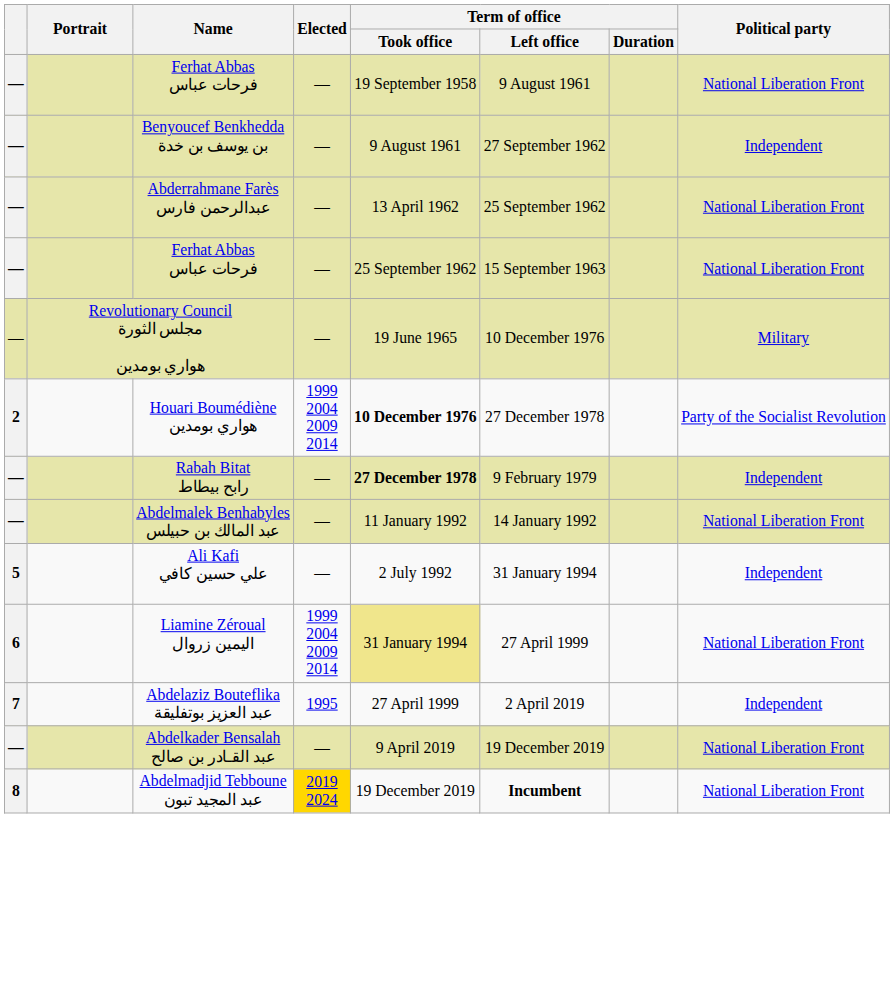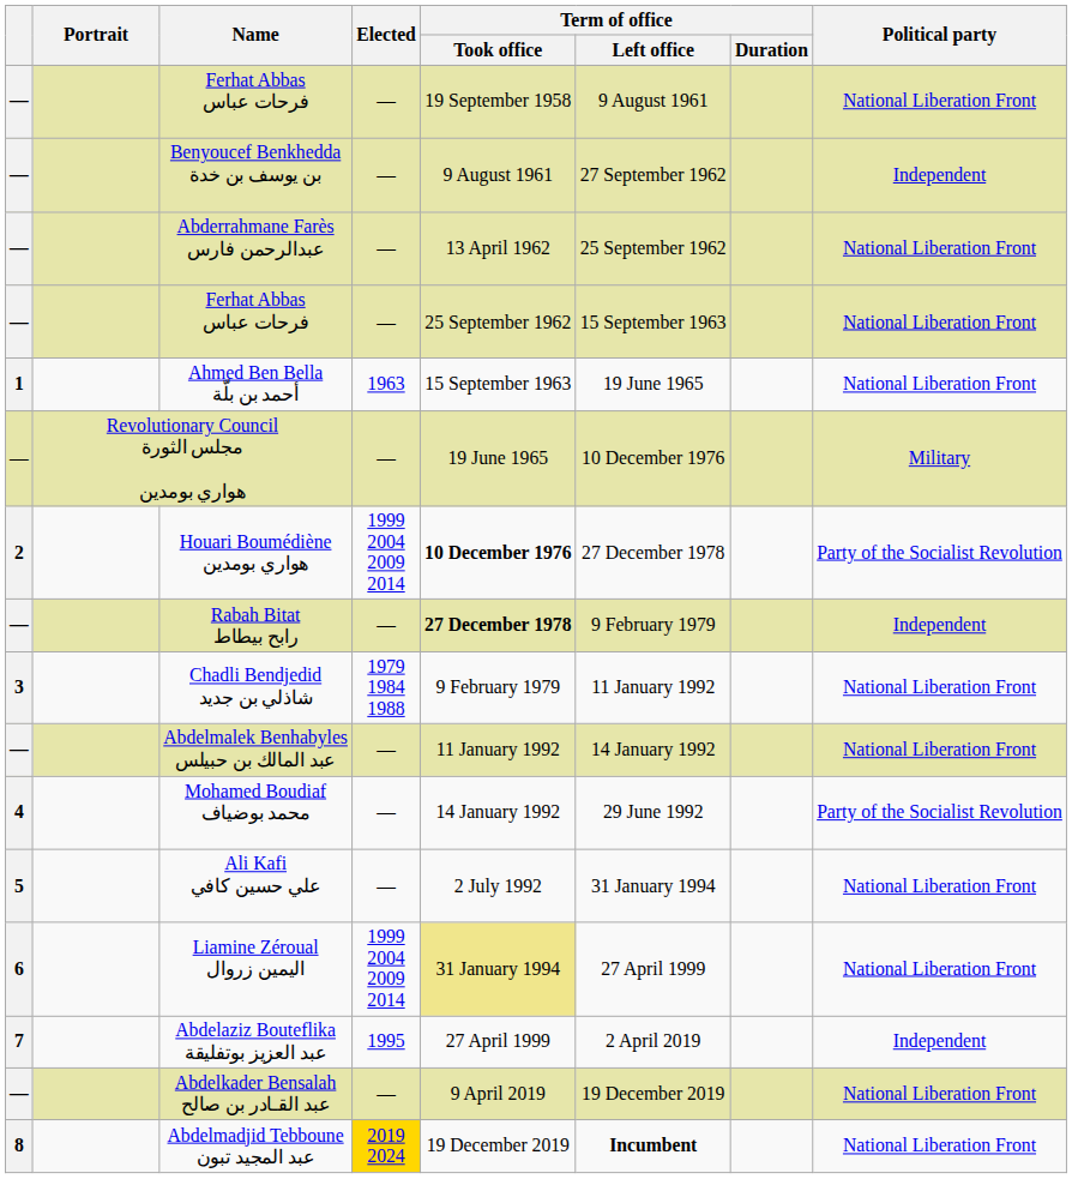 <table class="wikitable" style="text-align:center;">
 <tr>
 <th rowspan="2"></th>
 <th rowspan="2" style="width:100px;">Portrait</th>
 <th rowspan="2">Name<br></th>
 <th rowspan="2">Elected</th>
 <th colspan="3">Term of office</th>
 <th rowspan="2">Political party</th>
 </tr>
 <tr>
 <th>Took office</th>
 <th>Left office</th>
 <th>Duration</th>
 </tr>
 <tr style="background:#e6e6aa;">
 <th style="background:">—</th>
 <td></td>
 <td><a href='#'>Ferhat Abbas</a><br>فرحات عباس<br><br></td>
 <td>—</td>
 <td>19 September 1958</td>
 <td>9 August 1961</td>
 <td></td>
 <td><a href='#'>National Liberation Front</a></td>
 </tr>
 <tr style="background:#e6e6aa;">
 <th style="background:">—</th>
 <td></td>
 <td><a href='#'>Benyoucef Benkhedda</a><br>بن يوسف بن خدة<br><br></td>
 <td>—</td>
 <td>9 August 1961</td>
 <td>27 September 1962</td>
 <td></td>
 <td><a href='#'>Independent</a></td>
 </tr>
 <tr style="background:#e6e6aa;">
 <th style="background:">—</th>
 <td></td>
 <td><a href='#'>Abderrahmane Farès</a><br>عبدالرحمن فارس<br><br></td>
 <td>—</td>
 <td>13 April 1962</td>
 <td>25 September 1962</td>
 <td></td>
 <td><a href='#'>National Liberation Front</a></td>
 </tr>
 <tr style="background:#e6e6aa;">
 <th style="background:">—</th>
 <td></td>
 <td><a href='#'>Ferhat Abbas</a><br>فرحات عباس<br><br></td>
 <td>—</td>
 <td>25 September 1962</td>
 <td>15 September 1963</td>
 <td></td>
 <td><a href='#'>National Liberation Front</a></td>
 </tr>
+<tr>
+<th style="background:">1</th>
+<td></td>
+<td><a href='#'>Ahmed Ben Bella</a><br>أحمد بن بلّة<br></td>
+<td><a href='#'>1963</a></td>
+<td>15 September 1963</td>
+<td>19 June 1965<br></td>
+<td></td>
+<td><a href='#'>National Liberation Front</a></td>
+</tr>
 <tr style="background:#e6e6aa;">
 <td style="background:">—</td>
 <td colspan=2><a href='#'>Revolutionary Council</a><br>مجلس الثورة<br><br>هواري بومدين<br></td>
 <td>—</td>
 <td>19 June 1965</td>
 <td>10 December 1976</td>
 <td></td>
 <td><a href='#'>Military</a></td>
 </tr>
 <tr>
 <th style="background:">2</th>
 <td></td>
 <td><a href='#'>Houari Boumédiène</a><br>هواري بومدين<br></td>
 <td><a href='#'>1999</a><br><a href='#'>2004</a><br><a href='#'>2009</a><br><a href='#'>2014</a></td>
 <td><strong>10 December 1976</strong></td>
 <td>27 December 1978<br></td>
 <td></td>
 <td><a href='#'>Party of the Socialist Revolution</a></td>
 </tr>
 <tr style="background:#e6e6aa;">
 <th style="background:">—</th>
 <td></td>
 <td><a href='#'>Rabah Bitat</a><br>رابح بيطاط<br></td>
 <td>—</td>
 <td><strong>27 December 1978</strong></td>
 <td>9 February 1979</td>
 <td></td>
 <td><a href='#'>Independent</a></td>
 </tr>
+<tr>
+<th style="background:">3</th>
+<td></td>
+<td><a href='#'>Chadli Bendjedid</a><br>شاذلي بن جديد<br></td>
+<td><a href='#'>1979</a><br><a href='#'>1984</a><br><a href='#'>1988</a></td>
+<td>9 February 1979</td>
+<td>11 January 1992<br></td>
+<td></td>
+<td><a href='#'>National Liberation Front</a></td>
+</tr>
 <tr style="background:#e6e6aa;">
 <th style="background:">—</th>
 <td></td>
 <td><a href='#'>Abdelmalek Benhabyles</a><br>عبد المالك بن حبيلس<br></td>
 <td>—</td>
 <td>11 January 1992</td>
 <td>14 January 1992</td>
 <td></td>
 <td><a href='#'>National Liberation Front</a></td>
 </tr>
 <tr>
+<th style="background:">4</th>
+<td></td>
+<td><a href='#'>Mohamed Boudiaf</a><br>محمد بوضياف<br><br></td>
+<td>—</td>
+<td>14 January 1992</td>
+<td>29 June 1992<br></td>
+<td></td>
+<td><a href='#'>Party of the Socialist Revolution</a></td>
+</tr>
+<tr>
 <th style="background:">5</th>
 <td></td>
 <td><a href='#'>Ali Kafi</a><br>علي حسين كافي<br><br></td>
 <td>—</td>
 <td>2 July 1992</td>
 <td>31 January 1994</td>
 <td></td>
-<td><a href='#'>Independent</a></td>
+<td><a href='#'>National Liberation Front</a></td>
 </tr>
 <tr>
 <th style="background:">6</th>
 <td></td>
 <td><a href='#'>Liamine Zéroual</a><br>اليمين زروال<br><br></td>
 <td><a href='#'>1999</a><br><a href='#'>2004</a><br><a href='#'>2009</a><br><a href='#'>2014</a></td>
 <td style="background: khaki;">31 January 1994</td>
 <td>27 April 1999</td>
 <td></td>
 <td><a href='#'>National Liberation Front</a></td>
 </tr>
 <tr>
 <th style="background:">7</th>
 <td></td>
 <td><a href='#'>Abdelaziz Bouteflika</a><br>عبد العزيز بوتفليقة<br></td>
 <td><a href='#'>1995</a></td>
 <td>27 April 1999</td>
 <td>2 April 2019<br></td>
 <td></td>
 <td><a href='#'>Independent</a></td>
 </tr>
 <tr style="background:#e6e6aa;">
 <th style="background:">—</th>
 <td></td>
 <td><a href='#'>Abdelkader Bensalah</a><br>عبد القـادر بن صالح<br></td>
 <td>—</td>
 <td>9 April 2019</td>
 <td>19 December 2019</td>
 <td></td>
 <td><a href='#'>National Liberation Front</a></td>
 </tr>
 <tr>
 <th style="background:">8</th>
 <td></td>
 <td><a href='#'>Abdelmadjid Tebboune</a><br>عبد المجيد تبون<br></td>
 <td style="background: gold;"><a href='#'>2019</a><br><a href='#'>2024</a></td>
 <td>19 December 2019</td>
 <td><strong>Incumbent</strong></td>
 <td></td>
 <td><a href='#'>National Liberation Front</a></td>
 </tr>
 </table>
